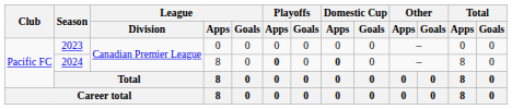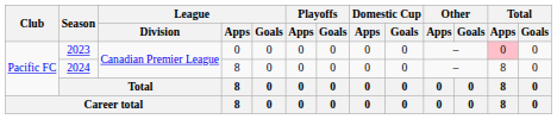 <table class="wikitable" style="text-align: center">
 <tr>
 <th rowspan="2">Club</th>
 <th rowspan="2">Season</th>
 <th colspan="3">League</th>
 <th colspan="2">Playoffs</th>
 <th colspan="2">Domestic Cup</th>
 <th colspan="2">Other</th>
 <th colspan="2">Total</th>
 </tr>
 <tr>
 <th>Division</th>
 <th>Apps</th>
 <th>Goals</th>
 <th>Apps</th>
 <th>Goals</th>
 <th>Apps</th>
 <th>Goals</th>
 <th>Apps</th>
 <th>Goals</th>
 <th>Apps</th>
 <th>Goals</th>
 </tr>
 <tr>
 <td rowspan=3><a href='#'>Pacific FC</a></td>
 <td><a href='#'>2023</a></td>
 <td rowspan=2><a href='#'>Canadian Premier League</a></td>
 <td>0</td>
 <td>0</td>
 <td>0</td>
 <td>0</td>
 <td>0</td>
 <td>0</td>
 <td colspan="2">–</td>
-<td>0</td>
+<td style="background: pink;">0</td>
 <td>0</td>
 </tr>
 <tr>
 <td><a href='#'>2024</a></td>
 <td>8</td>
 <td>0</td>
-<td><strong>0</strong></td>
 <td>0</td>
-<td><strong>0</strong></td>
+<td>0</td>
+<td>0</td>
 <td>0</td>
 <td colspan="2">–</td>
 <td>8</td>
 <td>0</td>
 </tr>
 <tr>
 <th colspan="2">Total</th>
 <th>8</th>
 <th>0</th>
 <th>0</th>
 <th>0</th>
 <th>0</th>
 <th>0</th>
 <th>0</th>
 <th>0</th>
 <th>8</th>
 <th>0</th>
 </tr>
 <tr>
 <th colspan="3"><strong>Career total</strong></th>
 <th>8</th>
 <th>0</th>
 <th>0</th>
 <th>0</th>
 <th>0</th>
 <th>0</th>
 <th>0</th>
 <th>0</th>
 <th>8</th>
 <th>0</th>
 </tr>
 </table>
